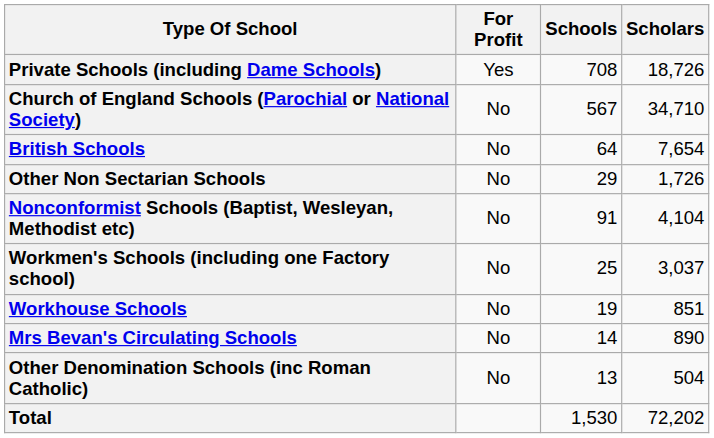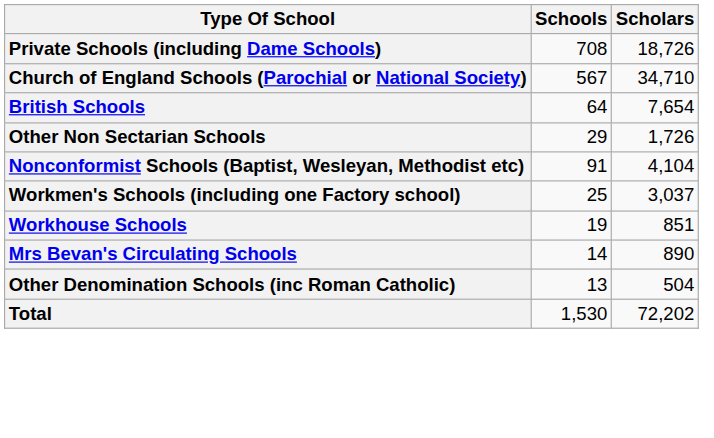 <table class="wikitable">
 <tr>
 <th scope="col">Type Of School</th>
-<th scope="col">For Profit</th>
 <th scope="col">Schools</th>
 <th scope="col">Scholars</th>
 </tr>
 <tr>
 <th scope="row" style="text-align:left;">Private Schools (including <a href='#'>Dame Schools</a>)</th>
-<td style="text-align:center;">Yes</td>
 <td style="text-align:right;">708</td>
 <td style="text-align:right;">18,726</td>
 </tr>
 <tr>
 <th scope="row" style="text-align:left;">Church of England Schools (<a href='#'>Parochial</a> or <a href='#'>National Society</a>)</th>
-<td style="text-align:center;">No</td>
 <td style="text-align:right;">567</td>
 <td style="text-align:right;">34,710</td>
 </tr>
 <tr>
 <th scope="row" style="text-align:left;"><a href='#'>British Schools</a></th>
-<td style="text-align:center;">No</td>
 <td style="text-align:right;">64</td>
 <td style="text-align:right;">7,654</td>
 </tr>
 <tr>
 <th scope="row" style="text-align:left;">Other Non Sectarian Schools</th>
-<td style="text-align:center;">No</td>
 <td style="text-align:right;">29</td>
 <td style="text-align:right;">1,726</td>
 </tr>
 <tr>
 <th scope="row" style="text-align:left;"><a href='#'>Nonconformist</a> Schools (Baptist, Wesleyan, Methodist etc)</th>
-<td style="text-align:center;">No</td>
 <td style="text-align:right;">91</td>
 <td style="text-align:right;">4,104</td>
 </tr>
 <tr>
 <th scope="row" style="text-align:left;">Workmen's Schools (including one Factory school)</th>
-<td style="text-align:center;">No</td>
 <td style="text-align:right;">25</td>
 <td style="text-align:right;">3,037</td>
 </tr>
 <tr>
 <th scope="row" style="text-align:left;"><a href='#'>Workhouse Schools</a></th>
-<td style="text-align:center;">No</td>
 <td style="text-align:right;">19</td>
 <td style="text-align:right;">851</td>
 </tr>
 <tr>
 <th scope="row" style="text-align:left;"><a href='#'>Mrs Bevan's Circulating Schools</a></th>
-<td style="text-align:center;">No</td>
 <td style="text-align:right;">14</td>
 <td style="text-align:right;">890</td>
 </tr>
 <tr>
 <th scope="row" style="text-align:left;">Other Denomination Schools (inc Roman Catholic)</th>
-<td style="text-align:center;">No</td>
 <td style="text-align:right;">13</td>
 <td style="text-align:right;">504</td>
 </tr>
 <tr>
 <th scope="row" style="text-align:left;">Total</th>
-<td style="text-align:center;"></td>
 <td style="text-align:right;">1,530</td>
 <td style="text-align:right;">72,202</td>
 </tr>
 </table>
